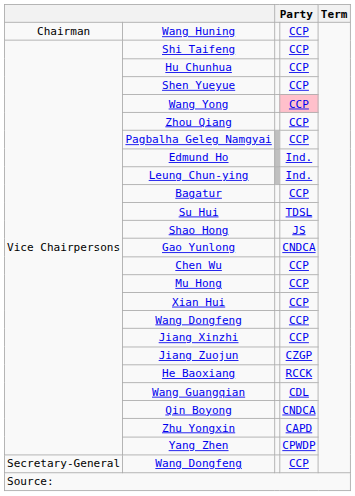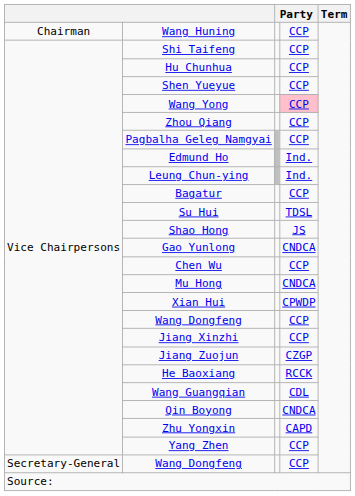 <table class="wikitable" style="text-align:center">
 <tr>
 <th colspan="2"></th>
 <th colspan="2">Party</th>
 <th>Term</th>
 </tr>
 <tr>
 <td>Chairman</td>
 <td><a href='#'>Wang Huning</a></td>
 <td style="background:"></td>
 <td><a href='#'>CCP</a></td>
 <td rowspan="25"></td>
 </tr>
 <tr>
 <td rowspan="23">Vice Chairpersons</td>
 <td><a href='#'>Shi Taifeng</a></td>
 <td style="background:"></td>
 <td><a href='#'>CCP</a></td>
 </tr>
 <tr>
 <td><a href='#'>Hu Chunhua</a></td>
 <td style="background:"></td>
 <td><a href='#'>CCP</a></td>
 </tr>
 <tr>
 <td><a href='#'>Shen Yueyue</a></td>
 <td style="background:"></td>
 <td><a href='#'>CCP</a></td>
 </tr>
 <tr>
 <td><a href='#'>Wang Yong</a></td>
 <td style="background:"></td>
 <td style="background: pink;"><a href='#'>CCP</a></td>
 </tr>
 <tr>
 <td><a href='#'>Zhou Qiang</a></td>
 <td style="background:"></td>
 <td><a href='#'>CCP</a></td>
 </tr>
 <tr>
 <td><a href='#'>Pagbalha Geleg Namgyai</a></td>
 <td style="background: #C0C0C0"></td>
 <td><a href='#'>CCP</a></td>
 </tr>
 <tr>
 <td><a href='#'>Edmund Ho</a></td>
 <td style="background: #C0C0C0"></td>
 <td><a href='#'>Ind.</a></td>
 </tr>
 <tr>
 <td><a href='#'>Leung Chun-ying</a></td>
 <td style="background: #C0C0C0"></td>
 <td><a href='#'>Ind.</a></td>
 </tr>
 <tr>
 <td><a href='#'>Bagatur</a></td>
 <td style="background:"></td>
 <td><a href='#'>CCP</a></td>
 </tr>
 <tr>
 <td><a href='#'>Su Hui</a></td>
 <td style="background:"></td>
 <td><a href='#'>TDSL</a></td>
 </tr>
 <tr>
 <td><a href='#'>Shao Hong</a></td>
 <td style="background:"></td>
 <td><a href='#'>JS</a></td>
 </tr>
 <tr>
 <td><a href='#'>Gao Yunlong</a></td>
 <td style="background:"></td>
 <td><a href='#'>CNDCA</a></td>
 </tr>
 <tr>
 <td><a href='#'>Chen Wu</a></td>
 <td style="background:"></td>
 <td><a href='#'>CCP</a></td>
 </tr>
 <tr>
 <td><a href='#'>Mu Hong</a></td>
 <td style="background:"></td>
-<td><a href='#'>CCP</a></td>
+<td><a href='#'>CNDCA</a></td>
 </tr>
 <tr>
 <td><a href='#'>Xian Hui</a></td>
 <td style="background:"></td>
-<td><a href='#'>CCP</a></td>
+<td><a href='#'>CPWDP</a></td>
 </tr>
 <tr>
 <td><a href='#'>Wang Dongfeng</a></td>
 <td style="background:"></td>
 <td><a href='#'>CCP</a></td>
 </tr>
 <tr>
 <td><a href='#'>Jiang Xinzhi</a></td>
 <td style="background:"></td>
 <td><a href='#'>CCP</a></td>
 </tr>
 <tr>
 <td><a href='#'>Jiang Zuojun</a></td>
 <td style="background:"></td>
 <td><a href='#'>CZGP</a></td>
 </tr>
 <tr>
 <td><a href='#'>He Baoxiang</a></td>
 <td style="background:"></td>
 <td><a href='#'>RCCK</a></td>
 </tr>
 <tr>
 <td><a href='#'>Wang Guangqian</a></td>
 <td style="background:"></td>
 <td><a href='#'>CDL</a></td>
 </tr>
 <tr>
 <td><a href='#'>Qin Boyong</a></td>
 <td style="background:"></td>
 <td><a href='#'>CNDCA</a></td>
 </tr>
 <tr>
 <td><a href='#'>Zhu Yongxin</a></td>
 <td style="background:"></td>
 <td><a href='#'>CAPD</a></td>
 </tr>
 <tr>
 <td><a href='#'>Yang Zhen</a></td>
 <td style="background:"></td>
-<td><a href='#'>CPWDP</a></td>
+<td><a href='#'>CCP</a></td>
 </tr>
 <tr>
 <td>Secretary-General</td>
 <td><a href='#'>Wang Dongfeng</a></td>
 <td style="background:"></td>
 <td><a href='#'>CCP</a></td>
 </tr>
 <tr>
 <td colspan="5" align="left">Source:</td>
 </tr>
 </table>
